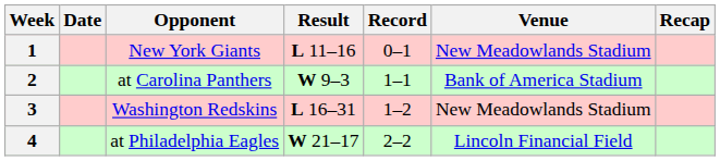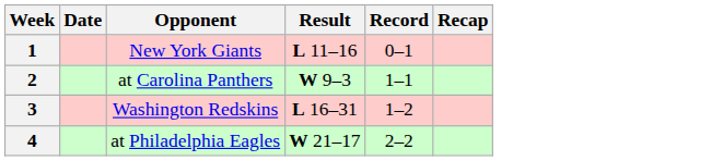 <table class="wikitable" style="text-align:center">
 <tr>
 <th>Week</th>
 <th>Date</th>
 <th>Opponent</th>
 <th>Result</th>
 <th>Record</th>
-<th>Venue</th>
 <th>Recap</th>
 </tr>
 <tr style="background:#fcc">
 <th>1</th>
 <td></td>
 <td><a href='#'>New York Giants</a></td>
 <td><strong>L</strong> 11–16</td>
 <td>0–1</td>
-<td><a href='#'>New Meadowlands Stadium</a></td>
 <td></td>
 </tr>
 <tr style="background:#cfc">
 <th>2</th>
 <td></td>
 <td>at <a href='#'>Carolina Panthers</a></td>
 <td><strong>W</strong> 9–3</td>
 <td>1–1</td>
-<td><a href='#'>Bank of America Stadium</a></td>
 <td></td>
 </tr>
 <tr style="background:#fcc">
 <th>3</th>
 <td></td>
 <td><a href='#'>Washington Redskins</a></td>
 <td><strong>L</strong> 16–31</td>
 <td>1–2</td>
-<td>New Meadowlands Stadium</td>
 <td></td>
 </tr>
 <tr style="background:#cfc">
 <th>4</th>
 <td></td>
 <td>at <a href='#'>Philadelphia Eagles</a></td>
 <td><strong>W</strong> 21–17</td>
 <td>2–2</td>
-<td><a href='#'>Lincoln Financial Field</a></td>
 <td></td>
 </tr>
 </table>
